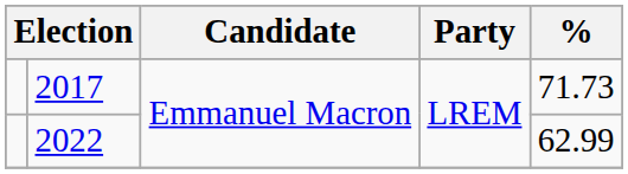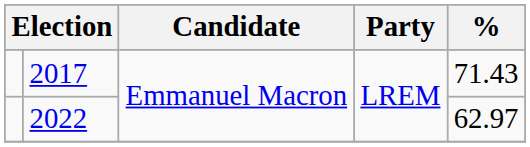 <table class="wikitable">
 <tr>
 <th colspan="2">Election</th>
 <th>Candidate</th>
 <th>Party</th>
 <th>%</th>
 </tr>
 <tr>
 <td style="background-color: "></td>
 <td><a href='#'>2017</a></td>
 <td rowspan="2"><a href='#'>Emmanuel Macron</a></td>
 <td rowspan="2"><a href='#'>LREM</a></td>
-<td>71.73</td>
+<td>71.43</td>
 </tr>
 <tr>
 <td style="background-color: "></td>
 <td><a href='#'>2022</a></td>
-<td>62.99</td>
+<td>62.97</td>
 </tr>
 <tr>
 </tr>
 </table>
